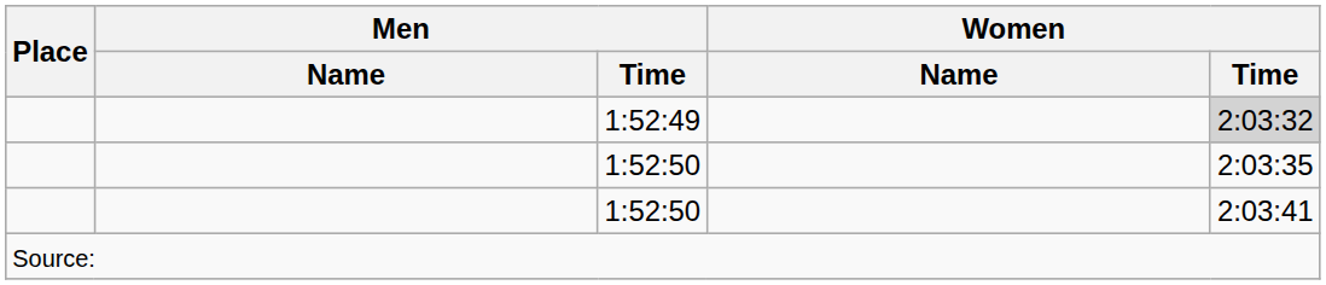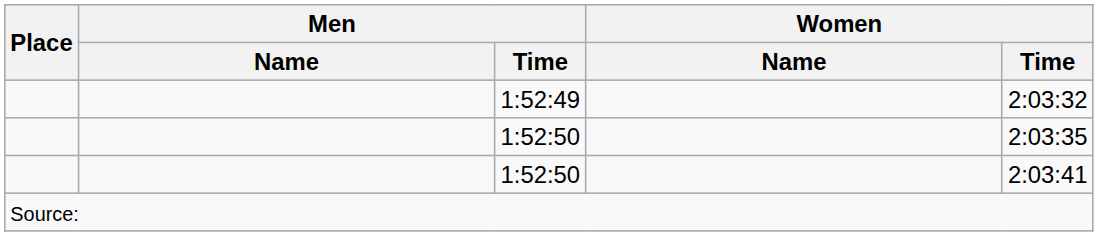 <table class="wikitable" style="font-size:95%;">
 <tr>
 <th rowspan="2">Place</th>
 <th colspan="2">Men</th>
 <th colspan="2">Women</th>
 </tr>
 <tr>
 <th style="width: 17em">Name</th>
 <th>Time</th>
 <th style="width: 17em">Name</th>
 <th>Time</th>
 </tr>
 <tr>
 <td align="center"></td>
 <td></td>
 <td>1:52:49</td>
 <td></td>
-<td style="background: lightgrey;">2:03:32</td>
+<td>2:03:32</td>
 </tr>
 <tr>
 <td align="center"></td>
 <td></td>
 <td>1:52:50</td>
 <td></td>
 <td>2:03:35</td>
 </tr>
 <tr>
 <td align="center"></td>
 <td></td>
 <td>1:52:50</td>
 <td></td>
 <td>2:03:41</td>
 </tr>
 <tr>
 <td colspan="7"><small>Source:</small></td>
 </tr>
 </table>
